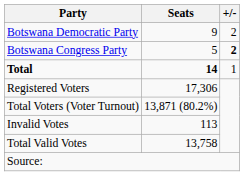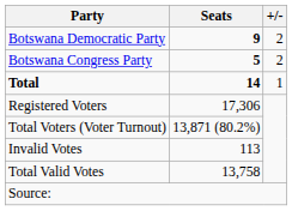 <table class=wikitable style=text-align:right>
 <tr>
 <th>Party</th>
 <th>Seats</th>
 <th>+/-</th>
 </tr>
 <tr>
 <td align=left><a href='#'>Botswana Democratic Party</a></td>
-<td>9</td>
+<td><strong>9</strong></td>
 <td>2</td>
 </tr>
 <tr>
 <td align=left><a href='#'>Botswana Congress Party</a></td>
-<td>5</td>
-<td><strong>2</strong></td>
+<td><strong>5</strong></td>
+<td>2</td>
 </tr>
 <tr>
 <td align=left><strong>Total</strong></td>
 <td><strong>14</strong></td>
 <td>1</td>
 </tr>
 <tr>
 <td align=left>Registered Voters</td>
 <td>17,306</td>
 </tr>
 <tr>
 <td align=left>Total Voters (Voter Turnout)</td>
 <td>13,871 (80.2%)</td>
 </tr>
 <tr>
 <td align=left>Invalid Votes</td>
 <td>113</td>
 </tr>
 <tr>
 <td align=left>Total Valid Votes</td>
 <td>13,758</td>
 </tr>
 <tr>
 <td colspan=4 align=left>Source: </td>
 </tr>
 </table>
